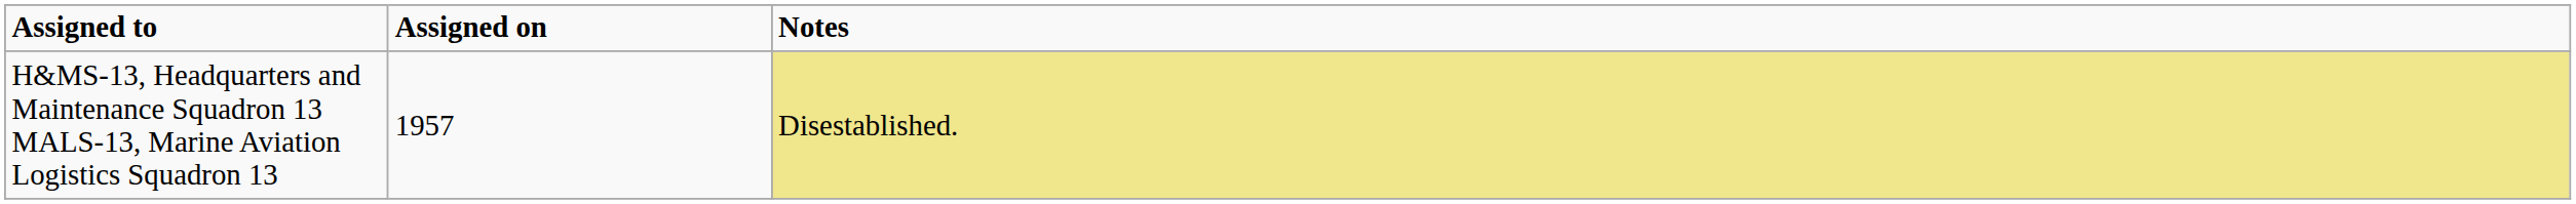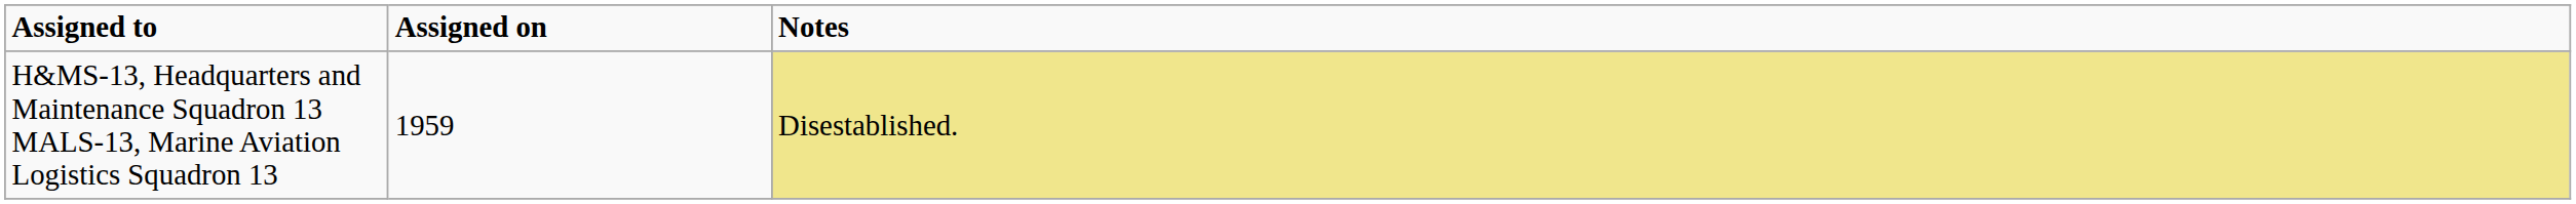 <table class="wikitable" style="width: 70%;">
 <tr>
 <td style="width: 200px;"><strong>Assigned to</strong></td>
 <td style="width: 200px;"><strong>Assigned on</strong></td>
 <td><strong>Notes</strong></td>
 </tr>
 <tr>
 <td>H&MS-13, Headquarters and Maintenance Squadron 13<br>MALS-13, Marine Aviation Logistics Squadron 13</td>
-<td>1957</td>
+<td>1959</td>
 <td style="background: khaki;">Disestablished.</td>
 </tr>
 </table>
